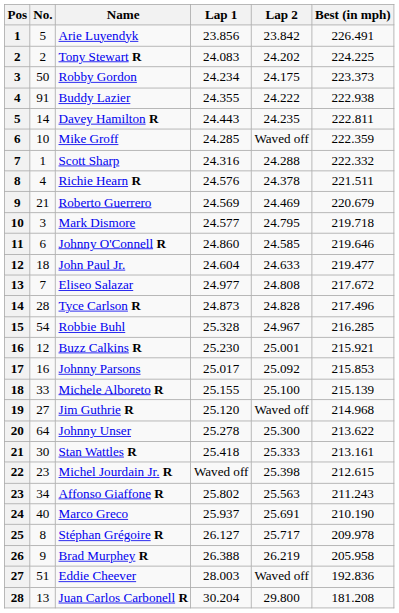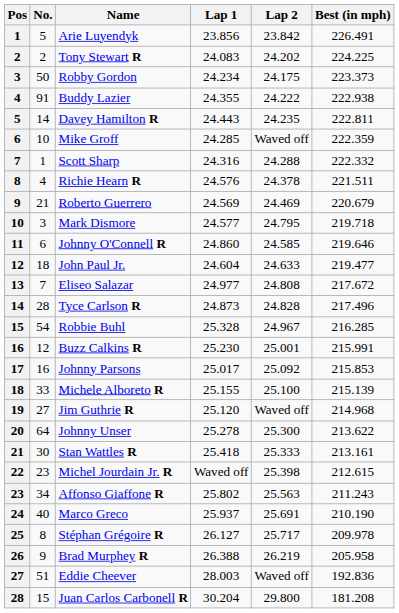 <table class="wikitable sortable" " style="fontsize:95%">
 <tr>
 <th>Pos</th>
 <th>No.</th>
 <th>Name</th>
 <th>Lap 1</th>
 <th>Lap 2</th>
 <th>Best (in mph)</th>
 </tr>
 <tr>
 <th scope="row">1</th>
 <td align=center>5</td>
 <td> <a href='#'>Arie Luyendyk</a></td>
 <td align="center">23.856</td>
 <td align="center">23.842</td>
 <td align="center">226.491</td>
 </tr>
 <tr>
 <th scope="row">2</th>
 <td align=center>2</td>
 <td> <a href='#'>Tony Stewart</a> <strong><span>R</span></strong></td>
 <td align="center">24.083</td>
 <td align="center">24.202</td>
 <td align="center">224.225</td>
 </tr>
 <tr>
 <th scope="row">3</th>
 <td align=center>50</td>
 <td> <a href='#'>Robby Gordon</a></td>
 <td align="center">24.234</td>
 <td align="center">24.175</td>
 <td align="center">223.373</td>
 </tr>
 <tr>
 <th scope="row">4</th>
 <td align=center>91</td>
 <td> <a href='#'>Buddy Lazier</a></td>
 <td align="center">24.355</td>
 <td align="center">24.222</td>
 <td align="center">222.938</td>
 </tr>
 <tr>
 <th scope="row">5</th>
 <td align=center>14</td>
 <td> <a href='#'>Davey Hamilton</a> <strong><span>R</span></strong></td>
 <td align="center">24.443</td>
 <td align="center">24.235</td>
 <td align="center">222.811</td>
 </tr>
 <tr>
 <th scope="row">6</th>
 <td align=center>10</td>
 <td> <a href='#'>Mike Groff</a></td>
 <td align="center">24.285</td>
 <td align="center">Waved off</td>
 <td align="center">222.359</td>
 </tr>
 <tr>
 <th scope="row">7</th>
 <td align=center>1</td>
 <td> <a href='#'>Scott Sharp</a></td>
 <td align="center">24.316</td>
 <td align="center">24.288</td>
 <td align="center">222.332</td>
 </tr>
 <tr>
 <th scope="row">8</th>
 <td align=center>4</td>
 <td> <a href='#'>Richie Hearn</a> <strong><span>R</span></strong></td>
 <td align="center">24.576</td>
 <td align="center">24.378</td>
 <td align="center">221.511</td>
 </tr>
 <tr>
 <th scope="row">9</th>
 <td align=center>21</td>
 <td> <a href='#'>Roberto Guerrero</a></td>
 <td align="center">24.569</td>
 <td align="center">24.469</td>
 <td align="center">220.679</td>
 </tr>
 <tr>
 <th scope="row">10</th>
 <td align=center>3</td>
 <td> <a href='#'>Mark Dismore</a></td>
 <td align="center">24.577</td>
 <td align="center">24.795</td>
 <td align="center">219.718</td>
 </tr>
 <tr>
 <th scope="row">11</th>
 <td align=center>6</td>
 <td> <a href='#'>Johnny O'Connell</a> <strong><span>R</span></strong></td>
 <td align="center">24.860</td>
 <td align="center">24.585</td>
 <td align="center">219.646</td>
 </tr>
 <tr>
 <th scope="row">12</th>
 <td align=center>18</td>
 <td> <a href='#'>John Paul Jr.</a></td>
 <td align="center">24.604</td>
 <td align="center">24.633</td>
 <td align="center">219.477</td>
 </tr>
 <tr>
 <th scope="row">13</th>
 <td align=center>7</td>
 <td> <a href='#'>Eliseo Salazar</a></td>
 <td align="center">24.977</td>
 <td align="center">24.808</td>
 <td align="center">217.672</td>
 </tr>
 <tr>
 <th scope="row">14</th>
 <td align=center>28</td>
 <td> <a href='#'>Tyce Carlson</a> <strong><span>R</span></strong></td>
 <td align="center">24.873</td>
 <td align="center">24.828</td>
 <td align="center">217.496</td>
 </tr>
 <tr>
 <th scope="row">15</th>
 <td align=center>54</td>
 <td> <a href='#'>Robbie Buhl</a></td>
 <td align="center">25.328</td>
 <td align="center">24.967</td>
 <td align="center">216.285</td>
 </tr>
 <tr>
 <th scope="row">16</th>
 <td align=center>12</td>
 <td> <a href='#'>Buzz Calkins</a> <strong><span>R</span></strong></td>
 <td align="center">25.230</td>
 <td align="center">25.001</td>
-<td align="center">215.921</td>
+<td align="center">215.991</td>
 </tr>
 <tr>
 <th scope="row">17</th>
 <td align=center>16</td>
 <td> <a href='#'>Johnny Parsons</a></td>
 <td align="center">25.017</td>
 <td align="center">25.092</td>
 <td align="center">215.853</td>
 </tr>
 <tr>
 <th scope="row">18</th>
 <td align=center>33</td>
 <td> <a href='#'>Michele Alboreto</a> <strong><span>R</span></strong></td>
 <td align="center">25.155</td>
 <td align="center">25.100</td>
 <td align="center">215.139</td>
 </tr>
 <tr>
 <th scope="row">19</th>
 <td align=center>27</td>
 <td> <a href='#'>Jim Guthrie</a> <strong><span>R</span></strong></td>
 <td align="center">25.120</td>
 <td align="center">Waved off</td>
 <td align="center">214.968</td>
 </tr>
 <tr>
 <th scope="row">20</th>
 <td align=center>64</td>
 <td> <a href='#'>Johnny Unser</a></td>
 <td align="center">25.278</td>
 <td align="center">25.300</td>
 <td align="center">213.622</td>
 </tr>
 <tr>
 <th scope="row">21</th>
 <td align=center>30</td>
 <td> <a href='#'>Stan Wattles</a> <strong><span>R</span></strong></td>
 <td align="center">25.418</td>
 <td align="center">25.333</td>
 <td align="center">213.161</td>
 </tr>
 <tr>
 <th scope="row">22</th>
 <td align=center>23</td>
 <td> <a href='#'>Michel Jourdain Jr.</a> <strong><span>R</span></strong></td>
 <td align="center">Waved off</td>
 <td align="center">25.398</td>
 <td align="center">212.615</td>
 </tr>
 <tr>
 <th scope="row">23</th>
 <td align=center>34</td>
 <td> <a href='#'>Affonso Giaffone</a> <strong><span>R</span></strong></td>
 <td align="center">25.802</td>
 <td align="center">25.563</td>
 <td align="center">211.243</td>
 </tr>
 <tr>
 <th scope="row">24</th>
 <td align=center>40</td>
 <td> <a href='#'>Marco Greco</a></td>
 <td align="center">25.937</td>
 <td align="center">25.691</td>
 <td align="center">210.190</td>
 </tr>
 <tr>
 <th scope="row">25</th>
 <td align=center>8</td>
 <td> <a href='#'>Stéphan Grégoire</a> <strong><span>R</span></strong></td>
 <td align="center">26.127</td>
 <td align="center">25.717</td>
 <td align="center">209.978</td>
 </tr>
 <tr>
 <th scope="row">26</th>
 <td align=center>9</td>
 <td> <a href='#'>Brad Murphey</a> <strong><span>R</span></strong></td>
 <td align="center">26.388</td>
 <td align="center">26.219</td>
 <td align="center">205.958</td>
 </tr>
 <tr>
 <th scope="row">27</th>
 <td align=center>51</td>
 <td> <a href='#'>Eddie Cheever</a></td>
 <td align="center">28.003</td>
 <td align="center">Waved off</td>
 <td align="center">192.836</td>
 </tr>
 <tr>
 <th scope="row">28</th>
-<td align=center>13</td>
+<td align=center>15</td>
 <td> <a href='#'>Juan Carlos Carbonell</a> <strong><span>R</span></strong></td>
 <td align="center">30.204</td>
 <td align="center">29.800</td>
 <td align="center">181.208</td>
 </tr>
 </table>
